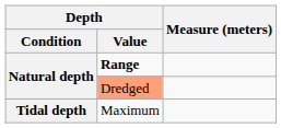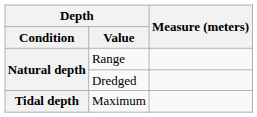 <table class="wikitable" style="font-size: 90%" align=right>
 <tr>
 <th colspan="2">Depth</th>
 <th rowspan="2">Measure (meters)</th>
 </tr>
 <tr>
 <th>Condition</th>
 <th>Value</th>
 </tr>
 <tr>
 <th rowspan="2">Natural depth</th>
-<td><strong>Range</strong></td>
+<td>Range</td>
 <td></td>
 </tr>
 <tr>
-<td style="background: lightsalmon;">Dredged</td>
+<td>Dredged</td>
 <td></td>
 </tr>
 <tr>
 <th rowspan="2">Tidal depth</th>
 <td>Maximum</td>
 <td></td>
 </tr>
 </table>
